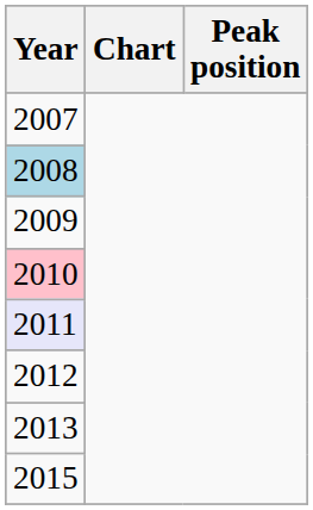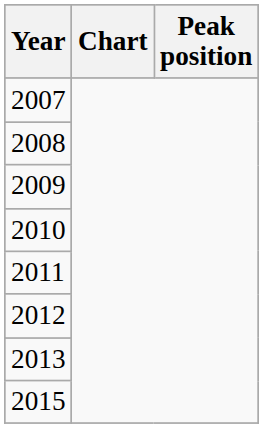 <table class="wikitable sortable">
 <tr>
 <th>Year</th>
 <th>Chart</th>
 <th>Peak<br>position</th>
 </tr>
 <tr>
 <td rowspan="3">2007<br></td>
 </tr>
 <tr>
 </tr>
 <tr>
 </tr>
 <tr>
-<td style="background: lightblue;">2008<br></td>
+<td>2008<br></td>
 </tr>
 <tr>
 <td>2009<br></td>
 </tr>
 <tr>
-<td style="background: pink;">2010<br></td>
+<td>2010<br></td>
 </tr>
 <tr>
-<td style="background: lavender;">2011<br></td>
+<td>2011<br></td>
 </tr>
 <tr>
 <td>2012<br></td>
 </tr>
 <tr>
 <td rowspan="4">2013<br></td>
 </tr>
 <tr>
 </tr>
 <tr>
 </tr>
 <tr>
 </tr>
 <tr>
 <td>2015<br></td>
 </tr>
 </table>
